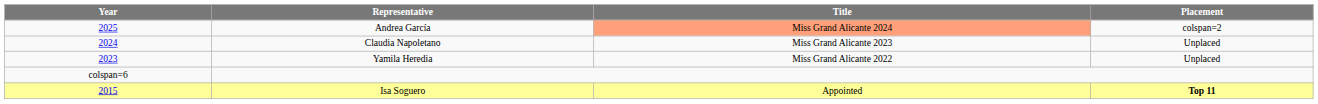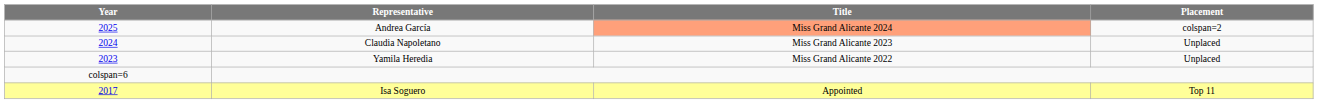 <table class="wikitable" style="font-size: 90%; text-align:center; width:100%">
 <tr>
 <th style="background-color:#787878;color:#FFFFFF;">Year</th>
 <th style="background-color:#787878;color:#FFFFFF;">Representative</th>
 <th style="background-color:#787878;color:#FFFFFF;">Title</th>
 <th style="background-color:#787878;color:#FFFFFF;">Placement</th>
 </tr>
 <tr>
 <td><a href='#'>2025</a></td>
 <td>Andrea García</td>
 <td style="background: lightsalmon;">Miss Grand Alicante 2024</td>
 <td>colspan=2 </td>
 </tr>
 <tr>
 <td><a href='#'>2024</a></td>
 <td>Claudia Napoletano</td>
 <td>Miss Grand Alicante 2023</td>
 <td>Unplaced</td>
 </tr>
 <tr>
 <td><a href='#'>2023</a></td>
 <td>Yamila Heredia</td>
 <td>Miss Grand Alicante 2022</td>
 <td>Unplaced</td>
 </tr>
 <tr>
 <td>colspan=6 </td>
 </tr>
 <tr bgcolor=#FFFF99>
-<td><a href='#'>2015</a></td>
+<td><a href='#'>2017</a></td>
 <td>Isa Soguero</td>
 <td>Appointed</td>
-<td><strong>Top 11</strong></td>
+<td>Top 11</td>
 </tr>
 </table>
